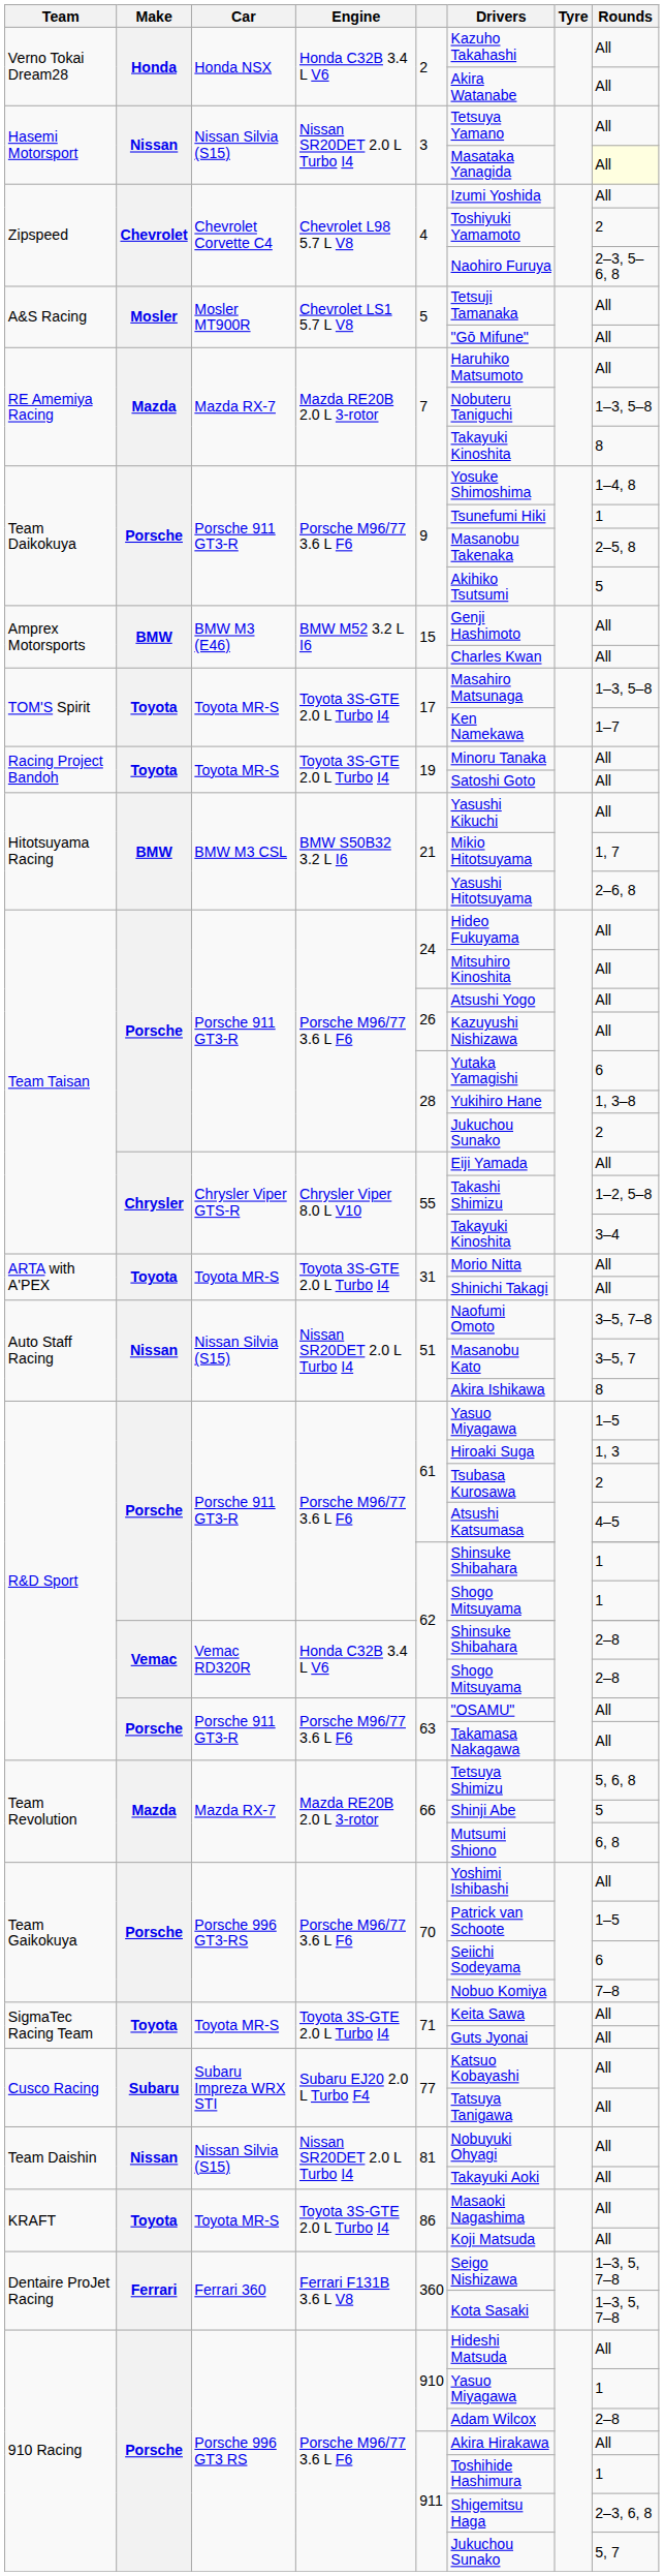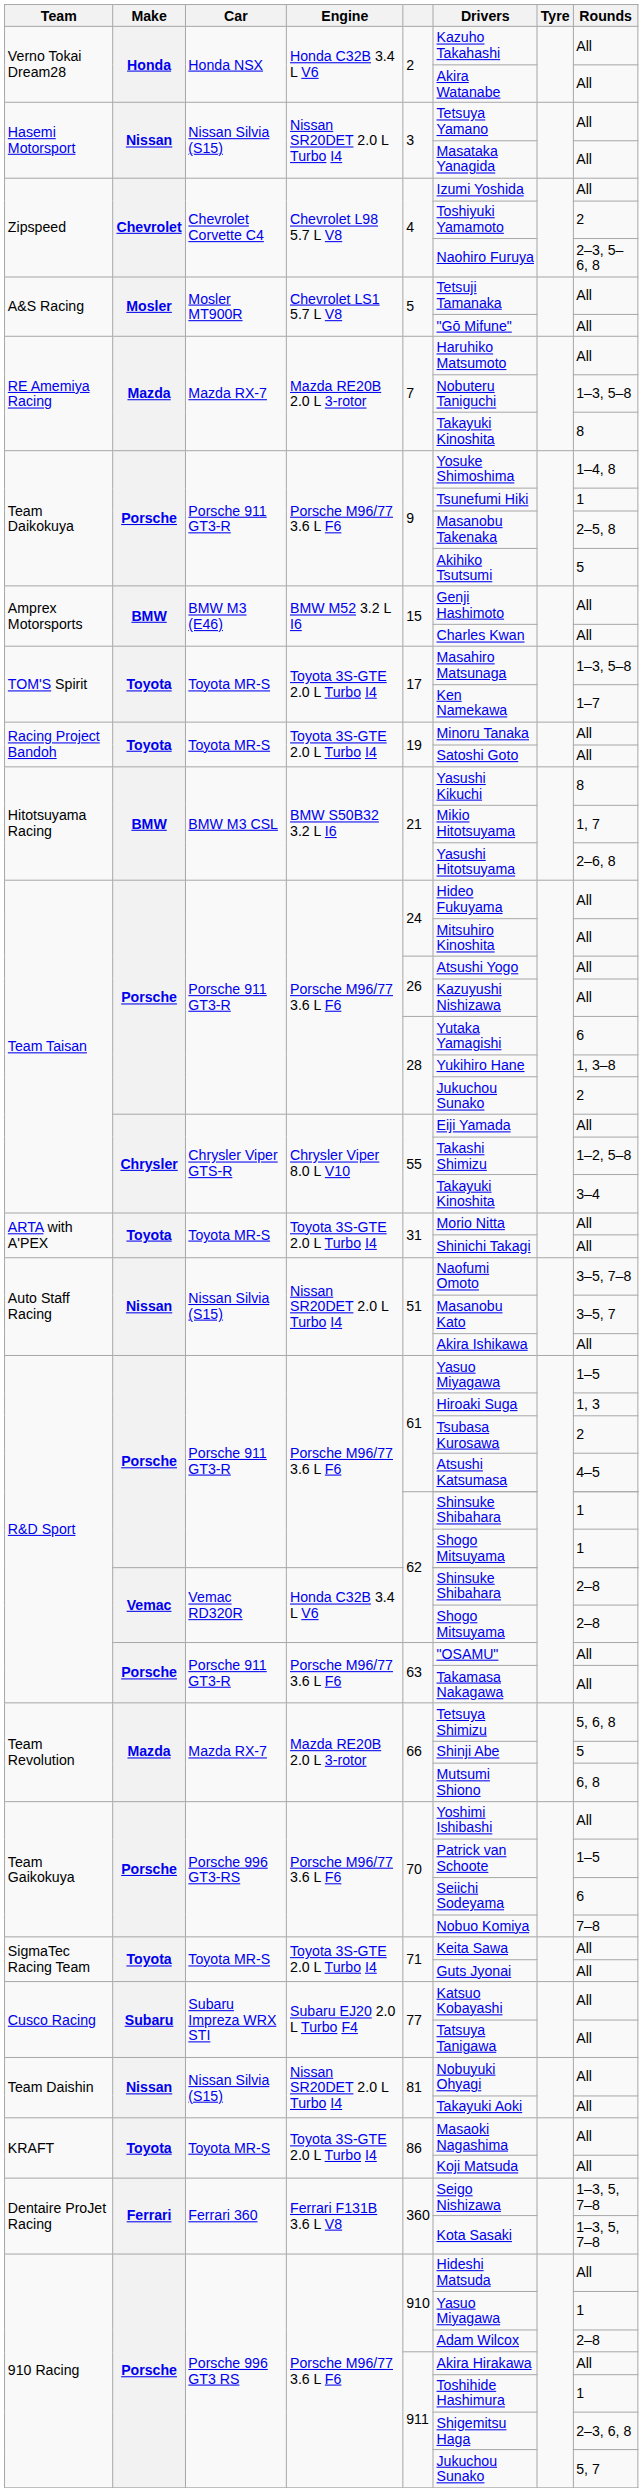 <table class="wikitable" style="font-size: 85%;">
 <tr>
 <th>Team</th>
 <th>Make</th>
 <th>Car</th>
 <th>Engine</th>
 <th></th>
 <th>Drivers</th>
 <th>Tyre</th>
 <th>Rounds</th>
 </tr>
 <tr>
 <td rowspan=2>Verno Tokai Dream28</td>
 <th rowspan=2><a href='#'>Honda</a></th>
 <td rowspan=2><a href='#'>Honda NSX</a></td>
 <td rowspan=2><a href='#'>Honda C32B</a> 3.4 L <a href='#'>V6</a></td>
 <td rowspan=2>2</td>
 <td> <a href='#'>Kazuho Takahashi</a></td>
 <td align=center rowspan=2></td>
 <td>All</td>
 </tr>
 <tr>
 <td> <a href='#'>Akira Watanabe</a></td>
 <td>All</td>
 </tr>
 <tr>
 <td rowspan=2><a href='#'>Hasemi Motorsport</a></td>
 <th rowspan=2><a href='#'>Nissan</a></th>
 <td rowspan=2><a href='#'>Nissan Silvia (S15)</a></td>
 <td rowspan=2><a href='#'>Nissan SR20DET</a> 2.0 L <a href='#'>Turbo</a> <a href='#'>I4</a></td>
 <td rowspan=2>3</td>
 <td> <a href='#'>Tetsuya Yamano</a></td>
 <td rowspan=2 align="center"></td>
 <td>All</td>
 </tr>
 <tr>
 <td> <a href='#'>Masataka Yanagida</a></td>
-<td style="background: lightyellow;">All</td>
+<td>All</td>
 </tr>
 <tr>
 <td rowspan=3>Zipspeed</td>
 <th rowspan=3><a href='#'>Chevrolet</a></th>
 <td rowspan=3><a href='#'>Chevrolet Corvette C4</a></td>
 <td rowspan=3><a href='#'>Chevrolet L98</a> 5.7 L <a href='#'>V8</a></td>
 <td rowspan=3>4</td>
 <td> <a href='#'>Izumi Yoshida</a></td>
 <td rowspan=3 align="center"></td>
 <td>All</td>
 </tr>
 <tr>
 <td> <a href='#'>Toshiyuki Yamamoto</a></td>
 <td>2</td>
 </tr>
 <tr>
 <td> <a href='#'>Naohiro Furuya</a></td>
 <td>2–3, 5–6, 8</td>
 </tr>
 <tr>
 <td rowspan=2>A&S Racing</td>
 <th rowspan=2><a href='#'>Mosler</a></th>
 <td rowspan=2><a href='#'>Mosler MT900R</a></td>
 <td rowspan=2><a href='#'>Chevrolet LS1</a> 5.7 L <a href='#'>V8</a></td>
 <td rowspan=2>5</td>
 <td> <a href='#'>Tetsuji Tamanaka</a></td>
 <td align="center" rowspan=2></td>
 <td>All</td>
 </tr>
 <tr>
 <td> <a href='#'>"Gō Mifune"</a></td>
 <td>All</td>
 </tr>
 <tr>
 <td rowspan=3><a href='#'>RE Amemiya Racing</a></td>
 <th rowspan=3><a href='#'>Mazda</a></th>
 <td rowspan=3><a href='#'>Mazda RX-7</a></td>
 <td rowspan=3><a href='#'>Mazda RE20B</a> 2.0 L <a href='#'>3-rotor</a></td>
 <td rowspan=3>7</td>
 <td> <a href='#'>Haruhiko Matsumoto</a></td>
 <td align="center" rowspan=3></td>
 <td>All</td>
 </tr>
 <tr>
 <td> <a href='#'>Nobuteru Taniguchi</a></td>
 <td>1–3, 5–8</td>
 </tr>
 <tr>
 <td> <a href='#'>Takayuki Kinoshita</a></td>
 <td>8</td>
 </tr>
 <tr>
 <td rowspan=4>Team Daikokuya</td>
 <th rowspan=4><a href='#'>Porsche</a></th>
 <td rowspan=4><a href='#'>Porsche 911 GT3-R</a></td>
 <td rowspan=4><a href='#'>Porsche M96/77</a> 3.6 L <a href='#'>F6</a></td>
 <td rowspan=4>9</td>
 <td> <a href='#'>Yosuke Shimoshima</a></td>
 <td align="center" rowspan=4></td>
 <td>1–4, 8</td>
 </tr>
 <tr>
 <td> <a href='#'>Tsunefumi Hiki</a></td>
 <td>1</td>
 </tr>
 <tr>
 <td> <a href='#'>Masanobu Takenaka</a></td>
 <td>2–5, 8</td>
 </tr>
 <tr>
 <td> <a href='#'>Akihiko Tsutsumi</a></td>
 <td>5</td>
 </tr>
 <tr>
 <td rowspan=2>Amprex Motorsports</td>
 <th rowspan=2><a href='#'>BMW</a></th>
 <td rowspan=2><a href='#'>BMW M3 (E46)</a></td>
 <td rowspan=2><a href='#'>BMW M52</a> 3.2 L <a href='#'>I6</a></td>
 <td rowspan=2>15</td>
 <td> <a href='#'>Genji Hashimoto</a></td>
 <td align="center" rowspan=2></td>
 <td>All</td>
 </tr>
 <tr>
 <td> <a href='#'>Charles Kwan</a></td>
 <td>All</td>
 </tr>
 <tr>
 <td rowspan=2><a href='#'>TOM'S</a> Spirit</td>
 <th rowspan=2><a href='#'>Toyota</a></th>
 <td rowspan=2><a href='#'>Toyota MR-S</a></td>
 <td rowspan=2><a href='#'>Toyota 3S-GTE</a> 2.0 L <a href='#'>Turbo</a> <a href='#'>I4</a></td>
 <td rowspan=2>17</td>
 <td> <a href='#'>Masahiro Matsunaga</a></td>
 <td rowspan=2 align="center"></td>
 <td>1–3, 5–8</td>
 </tr>
 <tr>
 <td> <a href='#'>Ken Namekawa</a></td>
 <td>1–7</td>
 </tr>
 <tr>
 <td rowspan=2><a href='#'>Racing Project Bandoh</a></td>
 <th rowspan=2><a href='#'>Toyota</a></th>
 <td rowspan=2><a href='#'>Toyota MR-S</a></td>
 <td rowspan=2><a href='#'>Toyota 3S-GTE</a> 2.0 L <a href='#'>Turbo</a> <a href='#'>I4</a></td>
 <td rowspan=2>19</td>
 <td> <a href='#'>Minoru Tanaka</a></td>
 <td rowspan=2 align="center"></td>
 <td>All</td>
 </tr>
 <tr>
 <td> <a href='#'>Satoshi Goto</a></td>
 <td>All</td>
 </tr>
 <tr>
 <td rowspan=3>Hitotsuyama Racing</td>
 <th rowspan=3><a href='#'>BMW</a></th>
 <td rowspan=3><a href='#'>BMW M3 CSL</a></td>
 <td rowspan=3><a href='#'>BMW S50B32</a> 3.2 L <a href='#'>I6</a></td>
 <td rowspan=3>21</td>
 <td> <a href='#'>Yasushi Kikuchi</a></td>
 <td rowspan=3 align="center"></td>
-<td>All</td>
+<td>8</td>
 </tr>
 <tr>
 <td> <a href='#'>Mikio Hitotsuyama</a></td>
 <td>1, 7</td>
 </tr>
 <tr>
 <td> <a href='#'>Yasushi Hitotsuyama</a></td>
 <td>2–6, 8</td>
 </tr>
 <tr>
 <td rowspan=10><a href='#'>Team Taisan</a></td>
 <th rowspan=7><a href='#'>Porsche</a></th>
 <td rowspan=7><a href='#'>Porsche 911 GT3-R</a></td>
 <td rowspan=7><a href='#'>Porsche M96/77</a> 3.6 L <a href='#'>F6</a></td>
 <td rowspan=2>24</td>
 <td> <a href='#'>Hideo Fukuyama</a></td>
 <td align="center" rowspan=10></td>
 <td>All</td>
 </tr>
 <tr>
 <td> <a href='#'>Mitsuhiro Kinoshita</a></td>
 <td>All</td>
 </tr>
 <tr>
 <td rowspan=2>26</td>
 <td> <a href='#'>Atsushi Yogo</a></td>
 <td>All</td>
 </tr>
 <tr>
 <td> <a href='#'>Kazuyushi Nishizawa</a></td>
 <td>All</td>
 </tr>
 <tr>
 <td rowspan=3>28</td>
 <td> <a href='#'>Yutaka Yamagishi</a></td>
 <td>6</td>
 </tr>
 <tr>
 <td> <a href='#'>Yukihiro Hane</a></td>
 <td>1, 3–8</td>
 </tr>
 <tr>
 <td> <a href='#'>Jukuchou Sunako</a></td>
 <td>2</td>
 </tr>
 <tr>
 <th rowspan=3><a href='#'>Chrysler</a></th>
 <td rowspan=3><a href='#'>Chrysler Viper GTS-R</a></td>
 <td rowspan=3><a href='#'>Chrysler Viper</a> 8.0 L <a href='#'>V10</a></td>
 <td rowspan=3>55</td>
 <td> <a href='#'>Eiji Yamada</a></td>
 <td>All</td>
 </tr>
 <tr>
 <td> <a href='#'>Takashi Shimizu</a></td>
 <td>1–2, 5–8</td>
 </tr>
 <tr>
 <td> <a href='#'>Takayuki Kinoshita</a></td>
 <td>3–4</td>
 </tr>
 <tr>
 <td rowspan=2><a href='#'>ARTA</a> with A'PEX</td>
 <th rowspan=2><a href='#'>Toyota</a></th>
 <td rowspan=2><a href='#'>Toyota MR-S</a></td>
 <td rowspan=2><a href='#'>Toyota 3S-GTE</a> 2.0 L <a href='#'>Turbo</a> <a href='#'>I4</a></td>
 <td rowspan=2>31</td>
 <td> <a href='#'>Morio Nitta</a></td>
 <td rowspan=2 align="center"></td>
 <td>All</td>
 </tr>
 <tr>
 <td> <a href='#'>Shinichi Takagi</a></td>
 <td>All</td>
 </tr>
 <tr>
 <td rowspan=3>Auto Staff Racing</td>
 <th rowspan=3><a href='#'>Nissan</a></th>
 <td rowspan=3><a href='#'>Nissan Silvia (S15)</a></td>
 <td rowspan=3><a href='#'>Nissan SR20DET</a> 2.0 L <a href='#'>Turbo</a> <a href='#'>I4</a></td>
 <td rowspan=3>51</td>
 <td> <a href='#'>Naofumi Omoto</a></td>
 <td rowspan=3 align="center"></td>
 <td>3–5, 7–8</td>
 </tr>
 <tr>
 <td> <a href='#'>Masanobu Kato</a></td>
 <td>3–5, 7</td>
 </tr>
 <tr>
 <td> <a href='#'>Akira Ishikawa</a></td>
-<td>8</td>
+<td>All</td>
 </tr>
 <tr>
 <td rowspan=12><a href='#'>R&D Sport</a></td>
 <th rowspan=7><a href='#'>Porsche</a></th>
 <td rowspan=7><a href='#'>Porsche 911 GT3-R</a></td>
 <td rowspan=7><a href='#'>Porsche M96/77</a> 3.6 L <a href='#'>F6</a></td>
 <td rowspan=4>61</td>
 <td> <a href='#'>Yasuo Miyagawa</a></td>
 <td rowspan=12 align="center"></td>
 <td>1–5</td>
 </tr>
 <tr>
 <td> <a href='#'>Hiroaki Suga</a></td>
 <td>1, 3</td>
 </tr>
 <tr>
 <td> <a href='#'>Tsubasa Kurosawa</a></td>
 <td>2</td>
 </tr>
 <tr>
 <td> <a href='#'>Atsushi Katsumasa</a></td>
 <td>4–5</td>
 </tr>
 <tr>
 <td rowspan=6>62</td>
 </tr>
 <tr>
 <td> <a href='#'>Shinsuke Shibahara</a></td>
 <td>1</td>
 </tr>
 <tr>
 <td> <a href='#'>Shogo Mitsuyama</a></td>
 <td>1</td>
 </tr>
 <tr>
 <th rowspan=3><a href='#'>Vemac</a></th>
 <td rowspan=3><a href='#'>Vemac RD320R</a></td>
 <td rowspan=3><a href='#'>Honda C32B</a> 3.4 L <a href='#'>V6</a></td>
 </tr>
 <tr>
 <td> <a href='#'>Shinsuke Shibahara</a></td>
 <td>2–8</td>
 </tr>
 <tr>
 <td> <a href='#'>Shogo Mitsuyama</a></td>
 <td>2–8</td>
 </tr>
 <tr>
 <th rowspan=2><a href='#'>Porsche</a></th>
 <td rowspan=2><a href='#'>Porsche 911 GT3-R</a></td>
 <td rowspan=2><a href='#'>Porsche M96/77</a> 3.6 L <a href='#'>F6</a></td>
 <td rowspan=2>63</td>
 <td> <a href='#'>"OSAMU"</a></td>
 <td>All</td>
 </tr>
 <tr>
 <td> <a href='#'>Takamasa Nakagawa</a></td>
 <td>All</td>
 </tr>
 <tr>
 <td rowspan=3>Team Revolution</td>
 <th rowspan=3><a href='#'>Mazda</a></th>
 <td rowspan=3><a href='#'>Mazda RX-7</a></td>
 <td rowspan=3><a href='#'>Mazda RE20B</a> 2.0 L <a href='#'>3-rotor</a></td>
 <td rowspan=3>66</td>
 <td> <a href='#'>Tetsuya Shimizu</a></td>
 <td align="center" rowspan=3></td>
 <td>5, 6, 8</td>
 </tr>
 <tr>
 <td> <a href='#'>Shinji Abe</a></td>
 <td>5</td>
 </tr>
 <tr>
 <td> <a href='#'>Mutsumi Shiono</a></td>
 <td>6, 8</td>
 </tr>
 <tr>
 <td rowspan=4>Team Gaikokuya</td>
 <th rowspan=4><a href='#'>Porsche</a></th>
 <td rowspan=4><a href='#'>Porsche 996 GT3-RS</a></td>
 <td rowspan=4><a href='#'>Porsche M96/77</a> 3.6 L <a href='#'>F6</a></td>
 <td rowspan=4>70</td>
 <td> <a href='#'>Yoshimi Ishibashi</a></td>
 <td rowspan=4 align="center"></td>
 <td>All</td>
 </tr>
 <tr>
 <td> <a href='#'>Patrick van Schoote</a></td>
 <td>1–5</td>
 </tr>
 <tr>
 <td> <a href='#'>Seiichi Sodeyama</a></td>
 <td>6</td>
 </tr>
 <tr>
 <td> <a href='#'>Nobuo Komiya</a></td>
 <td>7–8</td>
 </tr>
 <tr>
 <td rowspan=2>SigmaTec Racing Team</td>
 <th rowspan=2><a href='#'>Toyota</a></th>
 <td rowspan=2><a href='#'>Toyota MR-S</a></td>
 <td rowspan=2><a href='#'>Toyota 3S-GTE</a> 2.0 L <a href='#'>Turbo</a> <a href='#'>I4</a></td>
 <td rowspan=2>71</td>
 <td> <a href='#'>Keita Sawa</a></td>
 <td rowspan=2 align="center"></td>
 <td>All</td>
 </tr>
 <tr>
 <td> <a href='#'>Guts Jyonai</a></td>
 <td>All</td>
 </tr>
 <tr>
 <td rowspan=2><a href='#'>Cusco Racing</a></td>
 <th rowspan=2><a href='#'>Subaru</a></th>
 <td rowspan=2><a href='#'>Subaru Impreza WRX STI</a></td>
 <td rowspan=2><a href='#'>Subaru EJ20</a> 2.0 L <a href='#'>Turbo</a> <a href='#'>F4</a></td>
 <td rowspan=2>77</td>
 <td> <a href='#'>Katsuo Kobayashi</a></td>
 <td rowspan=2 align="center"></td>
 <td>All</td>
 </tr>
 <tr>
 <td> <a href='#'>Tatsuya Tanigawa</a></td>
 <td>All</td>
 </tr>
 <tr>
 <td rowspan=2>Team Daishin</td>
 <th rowspan=2><a href='#'>Nissan</a></th>
 <td rowspan=2><a href='#'>Nissan Silvia (S15)</a></td>
 <td rowspan=2><a href='#'>Nissan SR20DET</a> 2.0 L <a href='#'>Turbo</a> <a href='#'>I4</a></td>
 <td rowspan=2>81</td>
 <td> <a href='#'>Nobuyuki Ohyagi</a></td>
 <td rowspan=2 align="center"></td>
 <td>All</td>
 </tr>
 <tr>
 <td> <a href='#'>Takayuki Aoki</a></td>
 <td>All</td>
 </tr>
 <tr>
 <td rowspan=2>KRAFT</td>
 <th rowspan=2><a href='#'>Toyota</a></th>
 <td rowspan=2><a href='#'>Toyota MR-S</a></td>
 <td rowspan=2><a href='#'>Toyota 3S-GTE</a> 2.0 L <a href='#'>Turbo</a> <a href='#'>I4</a></td>
 <td rowspan=2>86</td>
 <td> <a href='#'>Masaoki Nagashima</a></td>
 <td rowspan=2 align="center"></td>
 <td>All</td>
 </tr>
 <tr>
 <td> <a href='#'>Koji Matsuda</a></td>
 <td>All</td>
 </tr>
 <tr>
 <td rowspan=2>Dentaire ProJet Racing</td>
 <th rowspan=2><a href='#'>Ferrari</a></th>
 <td rowspan=2><a href='#'>Ferrari 360</a></td>
 <td rowspan=2><a href='#'>Ferrari F131B</a> 3.6 L <a href='#'>V8</a></td>
 <td rowspan=2>360</td>
 <td> <a href='#'>Seigo Nishizawa</a></td>
 <td rowspan=2 align="center"></td>
 <td>1–3, 5, 7–8</td>
 </tr>
 <tr>
 <td> <a href='#'>Kota Sasaki</a></td>
 <td>1–3, 5, 7–8</td>
 </tr>
 <tr>
 <td rowspan=7>910 Racing</td>
 <th rowspan=7><a href='#'>Porsche</a></th>
 <td rowspan=7><a href='#'>Porsche 996 GT3 RS</a></td>
 <td rowspan=7><a href='#'>Porsche M96/77</a> 3.6 L <a href='#'>F6</a></td>
 <td rowspan=3>910</td>
 <td> <a href='#'>Hideshi Matsuda</a></td>
 <td rowspan=7 align="center"></td>
 <td>All</td>
 </tr>
 <tr>
 <td> <a href='#'>Yasuo Miyagawa</a></td>
 <td>1</td>
 </tr>
 <tr>
 <td> <a href='#'>Adam Wilcox</a></td>
 <td>2–8</td>
 </tr>
 <tr>
 <td rowspan=4>911</td>
 <td> <a href='#'>Akira Hirakawa</a></td>
 <td>All</td>
 </tr>
 <tr>
 <td> <a href='#'>Toshihide Hashimura</a></td>
 <td>1</td>
 </tr>
 <tr>
 <td> <a href='#'>Shigemitsu Haga</a></td>
 <td>2–3, 6, 8</td>
 </tr>
 <tr>
 <td> <a href='#'>Jukuchou Sunako</a></td>
 <td>5, 7</td>
 </tr>
 <tr>
 </tr>
 </table>
